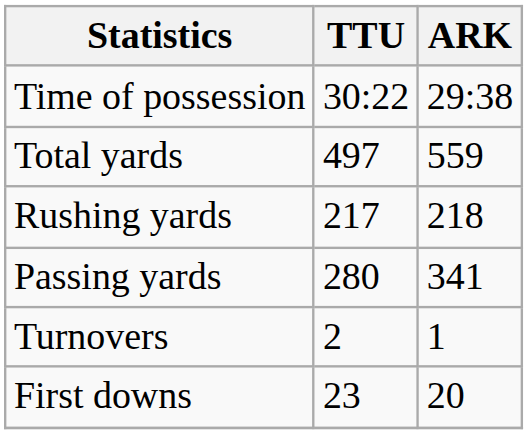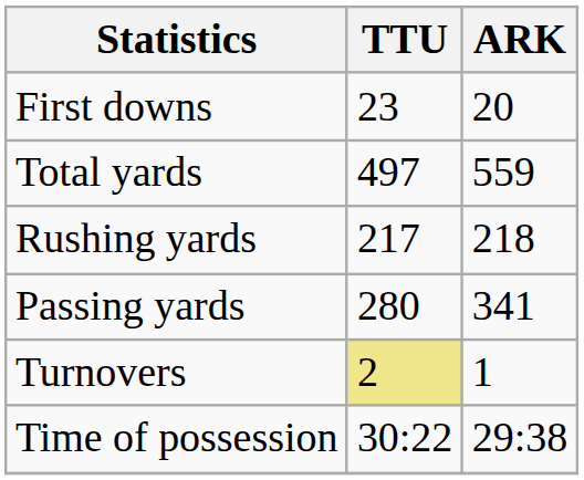 <table class="wikitable" style="float: left;">
 <tr>
 <th>Statistics</th>
 <th>TTU</th>
 <th>ARK</th>
 </tr>
 <tr>
-<td>Time of possession</td>
-<td>30:22</td>
-<td>29:38</td>
+<td>First downs</td>
+<td>23</td>
+<td>20</td>
 </tr>
 <tr>
 <td>Total yards</td>
 <td>497</td>
 <td>559</td>
 </tr>
 <tr>
 <td>Rushing yards</td>
 <td>217</td>
 <td>218</td>
 </tr>
 <tr>
 <td>Passing yards</td>
 <td>280</td>
 <td>341</td>
 </tr>
 <tr>
 <td>Turnovers</td>
-<td>2</td>
+<td style="background: khaki;">2</td>
 <td>1</td>
 </tr>
 <tr>
-<td>First downs</td>
-<td>23</td>
-<td>20</td>
+<td>Time of possession</td>
+<td>30:22</td>
+<td>29:38</td>
 </tr>
 <tr>
 </tr>
 </table>
